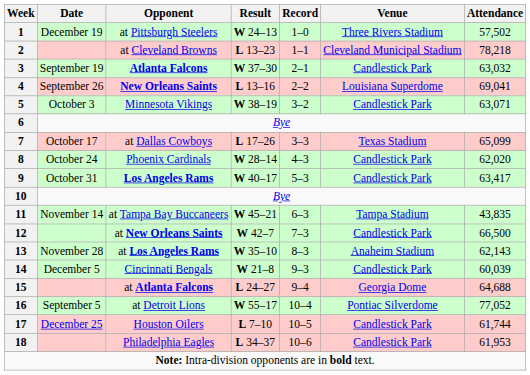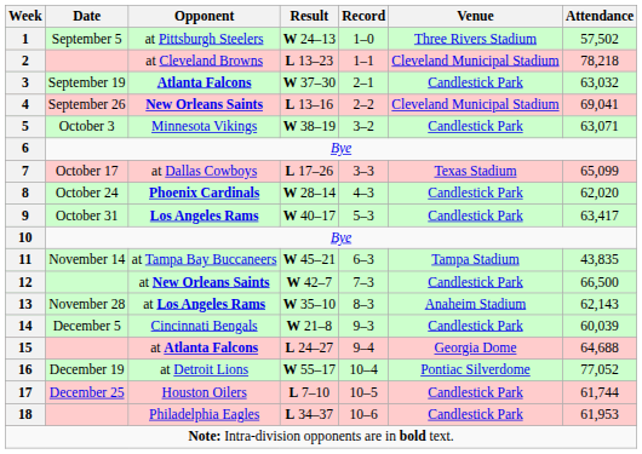 <table class="wikitable" style="text-align:center;">
 <tr>
 <th>Week</th>
 <th>Date</th>
 <th>Opponent</th>
 <th>Result</th>
 <th>Record</th>
 <th>Venue</th>
 <th>Attendance</th>
 </tr>
 <tr style="background:#cfc">
 <th>1</th>
-<td>December 19</td>
+<td>September 5</td>
 <td>at <a href='#'>Pittsburgh Steelers</a></td>
 <td><strong>W</strong> 24–13</td>
 <td>1–0</td>
 <td><a href='#'>Three Rivers Stadium</a></td>
 <td>57,502</td>
 </tr>
 <tr style="background:#fcc">
 <th>2</th>
 <td></td>
 <td>at <a href='#'>Cleveland Browns</a></td>
 <td><strong>L</strong> 13–23</td>
 <td>1–1</td>
 <td><a href='#'>Cleveland Municipal Stadium</a></td>
 <td>78,218</td>
 </tr>
 <tr style="background:#cfc">
 <th>3</th>
 <td>September 19</td>
 <td><strong><a href='#'>Atlanta Falcons</a></strong></td>
 <td><strong>W</strong> 37–30</td>
 <td>2–1</td>
 <td><a href='#'>Candlestick Park</a></td>
 <td>63,032</td>
 </tr>
 <tr style="background:#fcc">
 <th>4</th>
 <td>September 26</td>
 <td><strong><a href='#'>New Orleans Saints</a></strong></td>
 <td><strong>L</strong> 13–16</td>
 <td>2–2</td>
-<td><a href='#'>Louisiana Superdome</a></td>
+<td><a href='#'>Cleveland Municipal Stadium</a></td>
 <td>69,041</td>
 </tr>
 <tr style="background:#cfc">
 <th>5</th>
 <td>October 3</td>
 <td><a href='#'>Minnesota Vikings</a></td>
 <td><strong>W</strong> 38–19</td>
 <td>3–2</td>
 <td><a href='#'>Candlestick Park</a></td>
 <td>63,071</td>
 </tr>
 <tr>
 <th>6</th>
 <td colspan=6 align=center><em><a href='#'>Bye</a></em></td>
 </tr>
 <tr style="background:#fcc">
 <th>7</th>
 <td>October 17</td>
 <td>at <a href='#'>Dallas Cowboys</a></td>
 <td><strong>L</strong> 17–26</td>
 <td>3–3</td>
 <td><a href='#'>Texas Stadium</a></td>
 <td>65,099</td>
 </tr>
 <tr style="background:#cfc">
 <th>8</th>
 <td>October 24</td>
-<td><a href='#'>Phoenix Cardinals</a></td>
+<td><strong><a href='#'>Phoenix Cardinals</a></strong></td>
 <td><strong>W</strong> 28–14</td>
 <td>4–3</td>
 <td><a href='#'>Candlestick Park</a></td>
 <td>62,020</td>
 </tr>
 <tr style="background:#cfc">
 <th>9</th>
 <td>October 31</td>
 <td><strong><a href='#'>Los Angeles Rams</a></strong></td>
 <td><strong>W</strong> 40–17</td>
 <td>5–3</td>
 <td><a href='#'>Candlestick Park</a></td>
 <td>63,417</td>
 </tr>
 <tr>
 <th>10</th>
 <td colspan=6 align=center><em><a href='#'>Bye</a></em></td>
 </tr>
 <tr style="background:#cfc">
 <th>11</th>
 <td>November 14</td>
 <td>at <a href='#'>Tampa Bay Buccaneers</a></td>
 <td><strong>W</strong> 45–21</td>
 <td>6–3</td>
 <td><a href='#'>Tampa Stadium</a></td>
 <td>43,835</td>
 </tr>
 <tr style="background:#cfc">
 <th>12</th>
 <td></td>
 <td>at <strong><a href='#'>New Orleans Saints</a></strong></td>
 <td><strong>W</strong> 42–7</td>
 <td>7–3</td>
 <td><a href='#'>Candlestick Park</a></td>
 <td>66,500</td>
 </tr>
 <tr style="background:#cfc">
 <th>13</th>
 <td>November 28</td>
 <td>at <strong><a href='#'>Los Angeles Rams</a></strong></td>
 <td><strong>W</strong> 35–10</td>
 <td>8–3</td>
 <td><a href='#'>Anaheim Stadium</a></td>
 <td>62,143</td>
 </tr>
 <tr style="background:#cfc">
 <th>14</th>
 <td>December 5</td>
 <td><a href='#'>Cincinnati Bengals</a></td>
 <td><strong>W</strong> 21–8</td>
 <td>9–3</td>
 <td><a href='#'>Candlestick Park</a></td>
 <td>60,039</td>
 </tr>
 <tr style="background:#fcc">
 <th>15</th>
 <td></td>
 <td>at <strong><a href='#'>Atlanta Falcons</a></strong></td>
 <td><strong>L</strong> 24–27</td>
 <td>9–4</td>
 <td><a href='#'>Georgia Dome</a></td>
 <td>64,688</td>
 </tr>
 <tr style="background:#cfc">
 <th>16</th>
-<td>September 5</td>
+<td>December 19</td>
 <td>at <a href='#'>Detroit Lions</a></td>
 <td><strong>W</strong> 55–17</td>
 <td>10–4</td>
 <td><a href='#'>Pontiac Silverdome</a></td>
 <td>77,052</td>
 </tr>
 <tr style="background:#fcc">
 <th>17</th>
 <td><a href='#'>December 25</a></td>
 <td><a href='#'>Houston Oilers</a></td>
 <td><strong>L</strong> 7–10</td>
 <td>10–5</td>
 <td><a href='#'>Candlestick Park</a></td>
 <td>61,744</td>
 </tr>
 <tr style="background:#fcc">
 <th>18</th>
 <td></td>
 <td><a href='#'>Philadelphia Eagles</a></td>
 <td><strong>L</strong> 34–37 </td>
 <td>10–6</td>
 <td><a href='#'>Candlestick Park</a></td>
 <td>61,953</td>
 </tr>
 <tr>
 <td colspan="8"><strong>Note:</strong> Intra-division opponents are in <strong>bold</strong> text.</td>
 </tr>
 </table>
